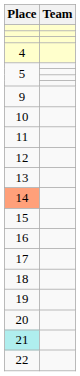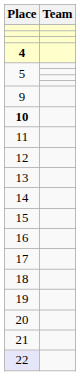 <table class="wikitable">
 <tr>
 <th>Place</th>
 <th>Team</th>
 </tr>
 <tr bgcolor=#ffffcc>
 <td align=center></td>
 <td></td>
 </tr>
 <tr bgcolor=#ffffcc>
 <td align=center></td>
 <td></td>
 </tr>
 <tr bgcolor=#ffffcc>
 <td align=center></td>
 <td></td>
 </tr>
 <tr bgcolor=#ffffcc>
-<td align=center>4</td>
+<td align=center><strong>4</strong></td>
 <td></td>
 </tr>
 <tr>
 <td align=center rowspan="4">5</td>
 <td></td>
 </tr>
 <tr>
 <td></td>
 </tr>
 <tr>
 <td></td>
 </tr>
 <tr>
 <td></td>
 </tr>
 <tr>
 <td align=center>9</td>
 <td></td>
 </tr>
 <tr>
-<td align=center>10</td>
+<td align=center><strong>10</strong></td>
 <td></td>
 </tr>
 <tr>
 <td align=center>11</td>
 <td></td>
 </tr>
 <tr>
 <td align=center>12</td>
 <td></td>
 </tr>
 <tr>
 <td align=center>13</td>
 <td></td>
 </tr>
 <tr>
-<td align=center style="background: lightsalmon;">14</td>
+<td align=center>14</td>
 <td></td>
 </tr>
 <tr>
 <td align=center>15</td>
 <td></td>
 </tr>
 <tr>
 <td align=center>16</td>
 <td></td>
 </tr>
 <tr>
 <td align=center>17</td>
 <td></td>
 </tr>
 <tr>
 <td align=center>18</td>
 <td></td>
 </tr>
 <tr>
 <td align=center>19</td>
 <td></td>
 </tr>
 <tr>
 <td align=center>20</td>
 <td></td>
 </tr>
 <tr>
-<td align=center style="background: paleturquoise;">21</td>
+<td align=center>21</td>
 <td></td>
 </tr>
 <tr>
-<td align=center>22</td>
+<td align=center style="background: lavender;">22</td>
 <td></td>
 </tr>
 </table>
